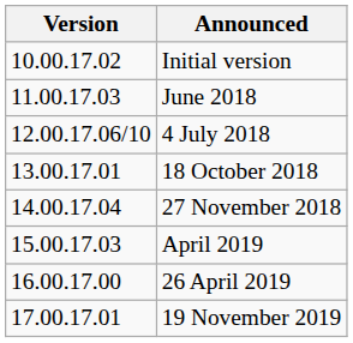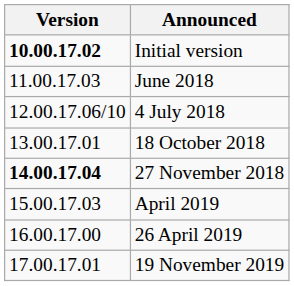 <table class="wikitable sortable">
 <tr>
 <th>Version</th>
 <th>Announced</th>
 </tr>
 <tr>
-<td>10.00.17.02</td>
+<td><strong>10.00.17.02</strong></td>
 <td>Initial version</td>
 </tr>
 <tr>
 <td>11.00.17.03</td>
 <td>June 2018</td>
 </tr>
 <tr>
 <td>12.00.17.06/10</td>
 <td>4 July 2018</td>
 </tr>
 <tr>
 <td>13.00.17.01</td>
 <td>18 October 2018</td>
 </tr>
 <tr>
-<td>14.00.17.04</td>
+<td><strong>14.00.17.04</strong></td>
 <td>27 November 2018</td>
 </tr>
 <tr>
 <td>15.00.17.03</td>
 <td>April 2019</td>
 </tr>
 <tr>
 <td>16.00.17.00</td>
 <td>26 April 2019</td>
 </tr>
 <tr>
 <td>17.00.17.01</td>
 <td>19 November 2019</td>
 </tr>
 </table>
